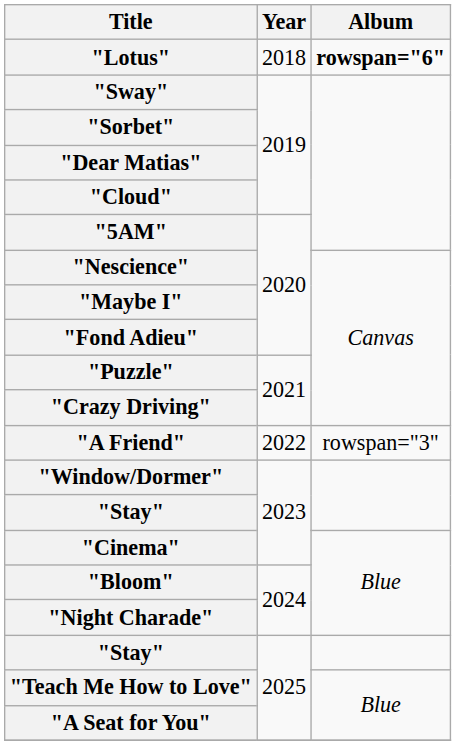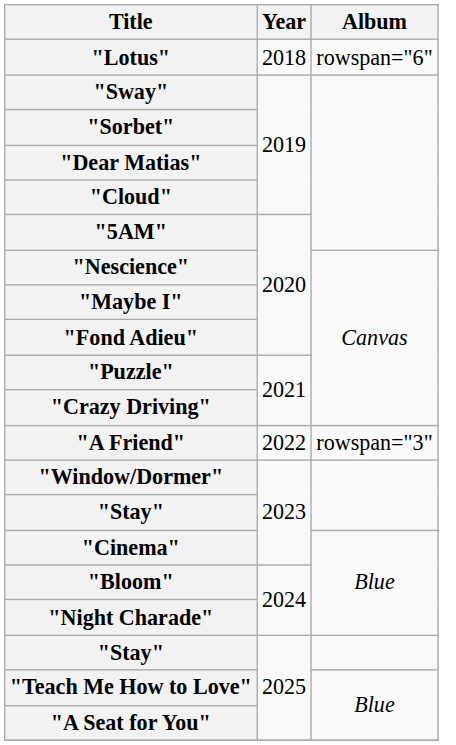 <table class="wikitable plainrowheaders" style="text-align:center">
 <tr>
 <th scope="col">Title</th>
 <th>Year</th>
 <th scope="col">Album</th>
 </tr>
 <tr>
 <th scope="row">"Lotus"</th>
 <td>2018</td>
-<td><strong>rowspan="6" </strong></td>
+<td>rowspan="6" </td>
 </tr>
 <tr>
 <th scope="row">"Sway"</th>
 <td rowspan="4">2019</td>
 </tr>
 <tr>
 <th scope="row">"Sorbet"</th>
 </tr>
 <tr>
 <th scope="row">"Dear Matias"</th>
 </tr>
 <tr>
 <th scope="row">"Cloud"</th>
 </tr>
 <tr>
 <th scope="row">"5AM"</th>
 <td rowspan="4">2020</td>
 </tr>
 <tr>
 <th scope="row">"Nescience"</th>
 <td rowspan="5"><em>Canvas</em></td>
 </tr>
 <tr>
 <th scope="row">"Maybe I"</th>
 </tr>
 <tr>
 <th scope="row">"Fond Adieu"</th>
 </tr>
 <tr>
 <th scope="row">"Puzzle"</th>
 <td rowspan="2">2021</td>
 </tr>
 <tr>
 <th scope="row">"Crazy Driving"</th>
 </tr>
 <tr>
 <th scope="row">"A Friend"</th>
 <td>2022</td>
 <td>rowspan="3" </td>
 </tr>
 <tr>
 <th scope="row">"Window/Dormer"</th>
 <td rowspan="3">2023</td>
 </tr>
 <tr>
 <th scope="row">"Stay"</th>
 </tr>
 <tr>
 <th scope="row">"Cinema"</th>
 <td rowspan="3"><em>Blue</em></td>
 </tr>
 <tr>
 <th scope="row">"Bloom"</th>
 <td rowspan="2">2024</td>
 </tr>
 <tr>
 <th scope="row">"Night Charade"</th>
 </tr>
 <tr>
 <th scope="row">"Stay"<br></th>
 <td rowspan="3">2025</td>
 <td></td>
 </tr>
 <tr>
 <th scope="row">"Teach Me How to Love"</th>
 <td rowspan="2"><em>Blue</em></td>
 </tr>
 <tr>
 <th scope="row">"A Seat for You"<br></th>
 </tr>
 <tr>
 </tr>
 </table>
